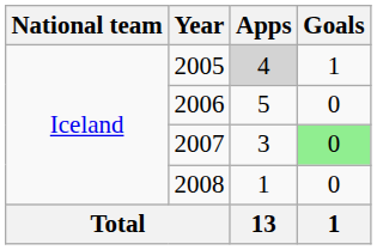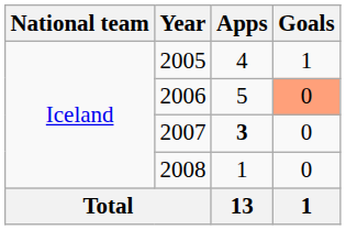 <table class="wikitable" style="text-align:center">
 <tr>
 <th>National team</th>
 <th>Year</th>
 <th>Apps</th>
 <th>Goals</th>
 </tr>
 <tr>
 <td rowspan="4"><a href='#'>Iceland</a></td>
 <td>2005</td>
-<td style="background: lightgrey;">4</td>
+<td>4</td>
 <td>1</td>
 </tr>
 <tr>
 <td>2006</td>
 <td>5</td>
-<td>0</td>
+<td style="background: lightsalmon;">0</td>
 </tr>
 <tr>
 <td>2007</td>
-<td>3</td>
-<td style="background: lightgreen;">0</td>
+<td><strong>3</strong></td>
+<td>0</td>
 </tr>
 <tr>
 <td>2008</td>
 <td>1</td>
 <td>0</td>
 </tr>
 <tr>
 <th colspan="2">Total</th>
 <th>13</th>
 <th>1</th>
 </tr>
 </table>
